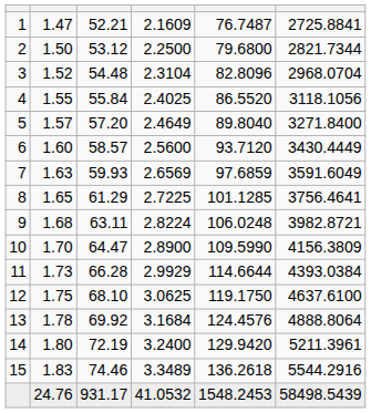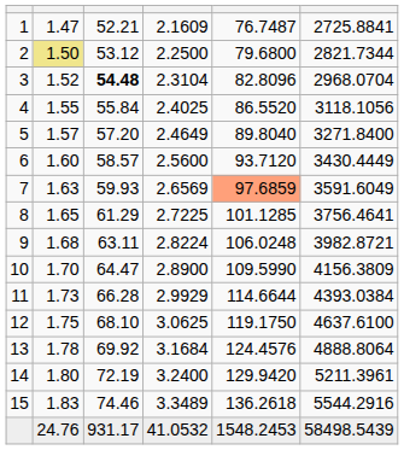 <table class="wikitable" style="float:right;text-align:right;">
 <tr>
 <th></th>
 <th></th>
 <th></th>
 <th></th>
 <th></th>
 <th></th>
 </tr>
 <tr>
 <td>1</td>
 <td>1.47</td>
 <td>52.21</td>
 <td>2.1609</td>
 <td>76.7487</td>
 <td>2725.8841</td>
 </tr>
 <tr>
 <td>2</td>
-<td>1.50</td>
+<td style="background: khaki;">1.50</td>
 <td>53.12</td>
 <td>2.2500</td>
 <td>79.6800</td>
 <td>2821.7344</td>
 </tr>
 <tr>
 <td>3</td>
 <td>1.52</td>
-<td>54.48</td>
+<td><strong>54.48</strong></td>
 <td>2.3104</td>
 <td>82.8096</td>
 <td>2968.0704</td>
 </tr>
 <tr>
 <td>4</td>
 <td>1.55</td>
 <td>55.84</td>
 <td>2.4025</td>
 <td>86.5520</td>
 <td>3118.1056</td>
 </tr>
 <tr>
 <td>5</td>
 <td>1.57</td>
 <td>57.20</td>
 <td>2.4649</td>
 <td>89.8040</td>
 <td>3271.8400</td>
 </tr>
 <tr>
 <td>6</td>
 <td>1.60</td>
 <td>58.57</td>
 <td>2.5600</td>
 <td>93.7120</td>
 <td>3430.4449</td>
 </tr>
 <tr>
 <td>7</td>
 <td>1.63</td>
 <td>59.93</td>
 <td>2.6569</td>
-<td>97.6859</td>
+<td style="background: lightsalmon;">97.6859</td>
 <td>3591.6049</td>
 </tr>
 <tr>
 <td>8</td>
 <td>1.65</td>
 <td>61.29</td>
 <td>2.7225</td>
 <td>101.1285</td>
 <td>3756.4641</td>
 </tr>
 <tr>
 <td>9</td>
 <td>1.68</td>
 <td>63.11</td>
 <td>2.8224</td>
 <td>106.0248</td>
 <td>3982.8721</td>
 </tr>
 <tr>
 <td>10</td>
 <td>1.70</td>
 <td>64.47</td>
 <td>2.8900</td>
 <td>109.5990</td>
 <td>4156.3809</td>
 </tr>
 <tr>
 <td>11</td>
 <td>1.73</td>
 <td>66.28</td>
 <td>2.9929</td>
 <td>114.6644</td>
 <td>4393.0384</td>
 </tr>
 <tr>
 <td>12</td>
 <td>1.75</td>
 <td>68.10</td>
 <td>3.0625</td>
 <td>119.1750</td>
 <td>4637.6100</td>
 </tr>
 <tr>
 <td>13</td>
 <td>1.78</td>
 <td>69.92</td>
 <td>3.1684</td>
 <td>124.4576</td>
 <td>4888.8064</td>
 </tr>
 <tr>
 <td>14</td>
 <td>1.80</td>
 <td>72.19</td>
 <td>3.2400</td>
 <td>129.9420</td>
 <td>5211.3961</td>
 </tr>
 <tr>
 <td>15</td>
 <td>1.83</td>
 <td>74.46</td>
 <td>3.3489</td>
 <td>136.2618</td>
 <td>5544.2916</td>
 </tr>
 <tr style="color:#000000; background:#eeeeee">
 <td></td>
 <td>24.76</td>
 <td>931.17</td>
 <td>41.0532</td>
 <td>1548.2453</td>
 <td>58498.5439</td>
 </tr>
 </table>
